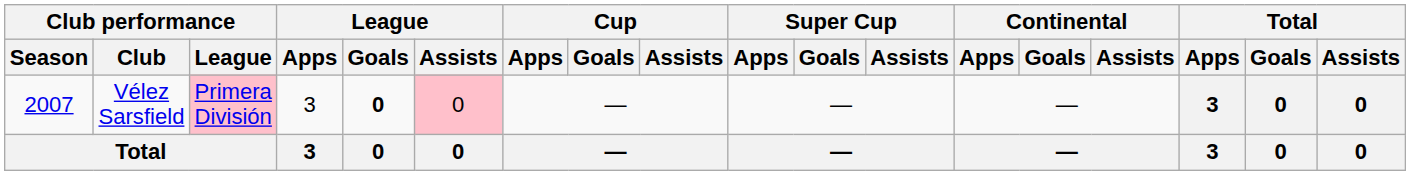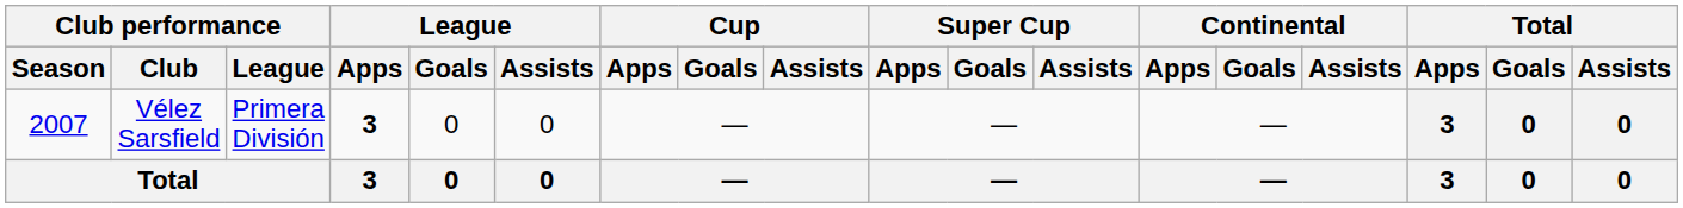 <table class="wikitable" style="text-align:center">
 <tr>
 <th colspan="3">Club performance</th>
 <th colspan="3">League</th>
 <th colspan="3">Cup</th>
 <th colspan="3">Super Cup</th>
 <th colspan="3">Continental</th>
 <th colspan="3">Total</th>
 </tr>
 <tr>
 <th>Season</th>
 <th width="100">Club</th>
 <th width="100">League</th>
 <th width="40">Apps</th>
 <th width="40">Goals</th>
 <th width="40">Assists</th>
 <th width="40">Apps</th>
 <th width="40">Goals</th>
 <th width="40">Assists</th>
 <th width="40">Apps</th>
 <th width="40">Goals</th>
 <th width="40">Assists</th>
 <th width="40">Apps</th>
 <th width="40">Goals</th>
 <th width="40">Assists</th>
 <th width="40">Apps</th>
 <th width="40">Goals</th>
 <th width="40">Assists</th>
 </tr>
 <tr>
 <td><a href='#'>2007</a></td>
 <td rowspan="1"><a href='#'>Vélez Sarsfield</a></td>
-<td rowspan="1" style="background: pink;"><a href='#'>Primera División</a></td>
-<td>3</td>
-<td><strong>0</strong></td>
-<td style="background: pink;">0</td>
+<td rowspan="1"><a href='#'>Primera División</a></td>
+<td><strong>3</strong></td>
+<td>0</td>
+<td>0</td>
 <td colspan="3">—</td>
 <td colspan="3">—</td>
 <td colspan="3">—</td>
 <th>3</th>
 <th>0</th>
 <th>0</th>
 </tr>
 <tr>
 <th colspan=3>Total</th>
 <th>3</th>
 <th>0</th>
 <th>0</th>
 <th colspan="3">—</th>
 <th colspan="3">—</th>
 <th colspan="3">—</th>
 <th>3</th>
 <th>0</th>
 <th>0</th>
 </tr>
 </table>
